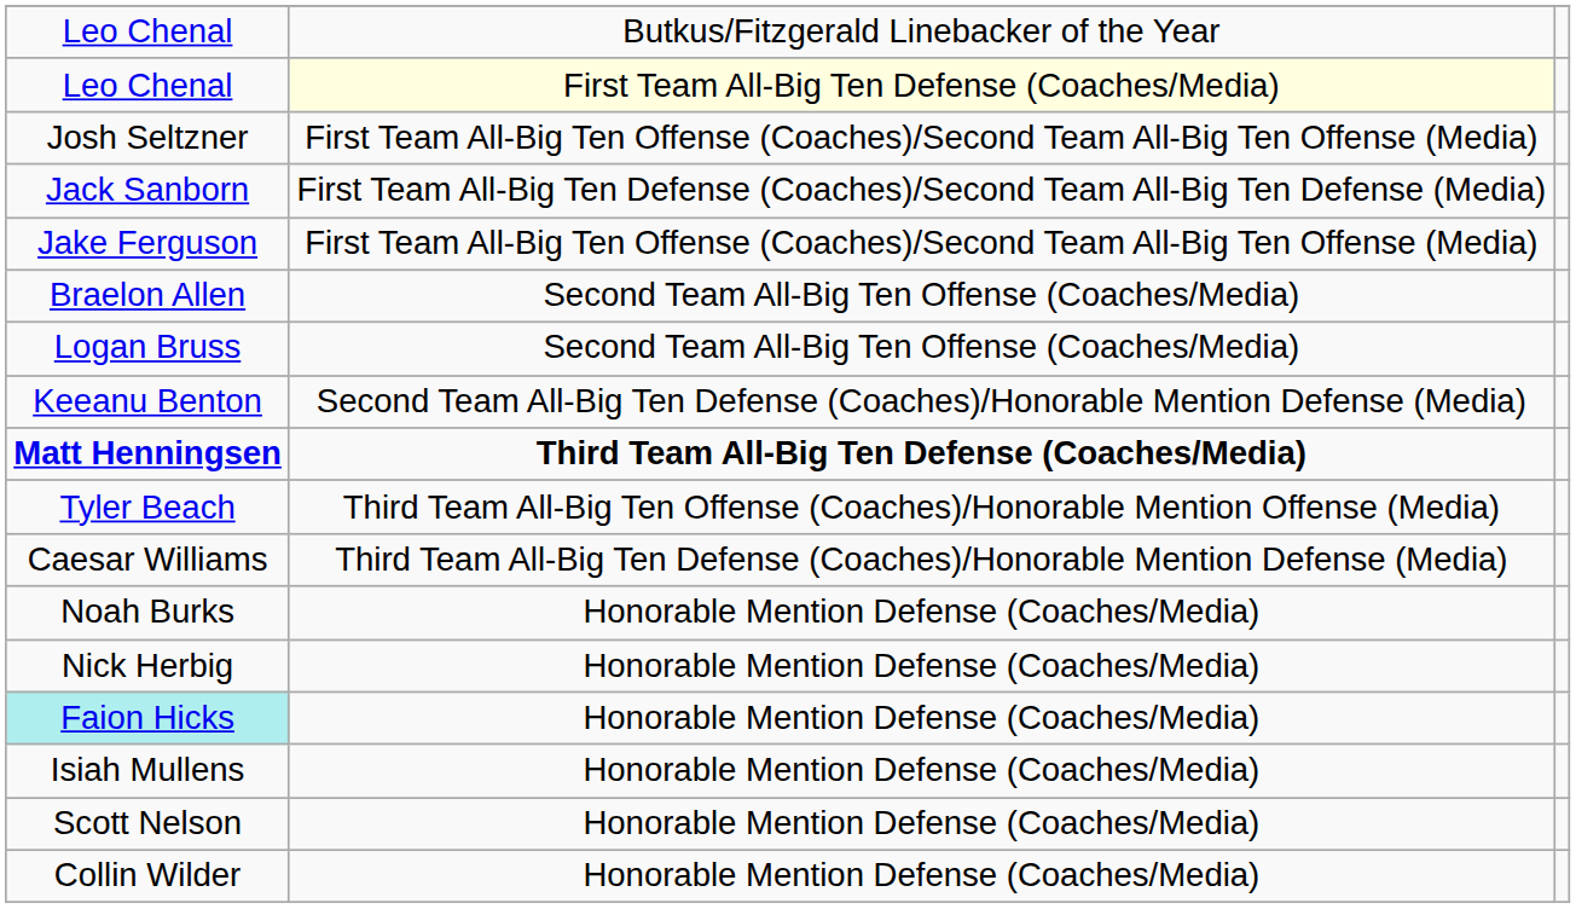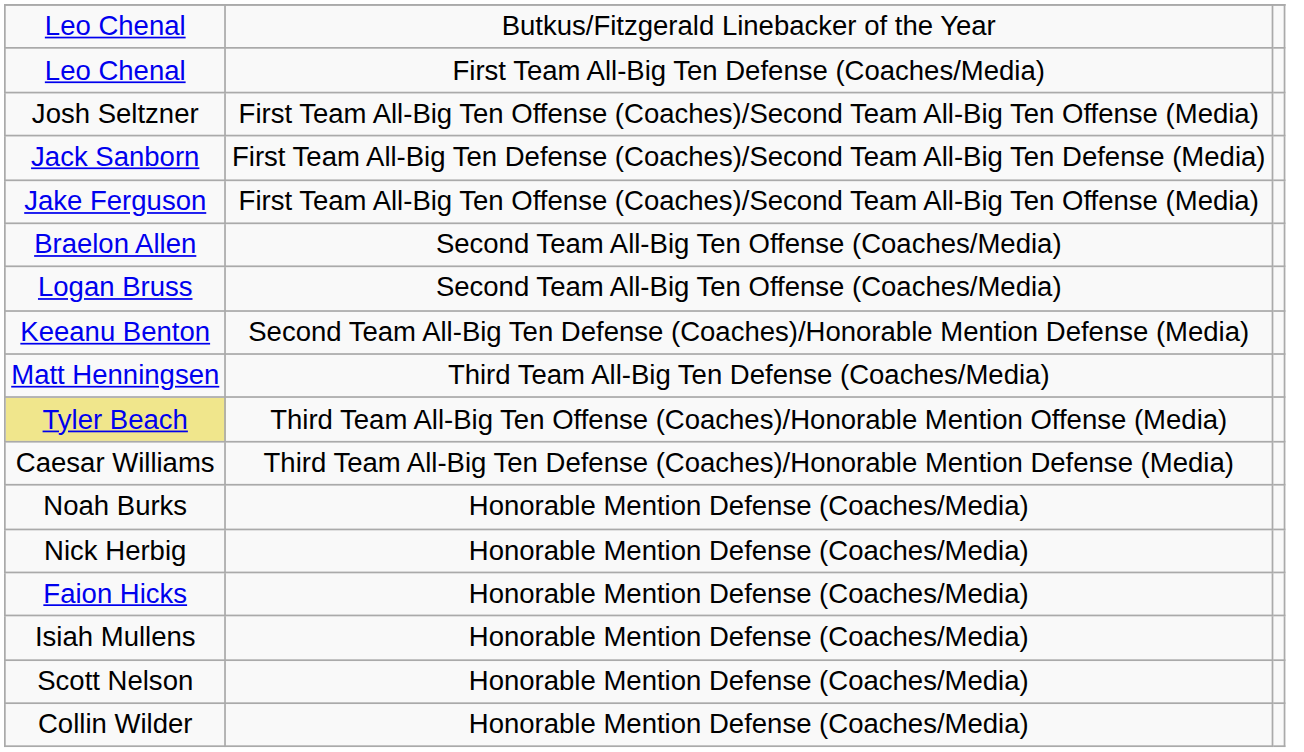 <table class="wikitable sortable sortable" style="text-align: center">
 <tr align=center>
 </tr>
 <tr>
 <td><a href='#'>Leo Chenal</a></td>
 <td>Butkus/Fitzgerald Linebacker of the Year</td>
 <td></td>
 </tr>
 <tr>
 <td><a href='#'>Leo Chenal</a></td>
-<td style="background: lightyellow;">First Team All-Big Ten Defense (Coaches/Media)</td>
+<td>First Team All-Big Ten Defense (Coaches/Media)</td>
 <td></td>
 </tr>
 <tr>
 <td>Josh Seltzner</td>
 <td>First Team All-Big Ten Offense (Coaches)/Second Team All-Big Ten Offense (Media)</td>
 <td></td>
 </tr>
 <tr>
 <td><a href='#'>Jack Sanborn</a></td>
 <td>First Team All-Big Ten Defense (Coaches)/Second Team All-Big Ten Defense (Media)</td>
 <td></td>
 </tr>
 <tr>
 <td><a href='#'>Jake Ferguson</a></td>
 <td>First Team All-Big Ten Offense (Coaches)/Second Team All-Big Ten Offense (Media)</td>
 <td></td>
 </tr>
 <tr>
 <td><a href='#'>Braelon Allen</a></td>
 <td>Second Team All-Big Ten Offense (Coaches/Media)</td>
 <td></td>
 </tr>
 <tr>
 <td><a href='#'>Logan Bruss</a></td>
 <td>Second Team All-Big Ten Offense (Coaches/Media)</td>
 <td></td>
 </tr>
 <tr>
 <td><a href='#'>Keeanu Benton</a></td>
 <td>Second Team All-Big Ten Defense (Coaches)/Honorable Mention Defense (Media)</td>
 <td></td>
 </tr>
 <tr>
-<td><strong><a href='#'>Matt Henningsen</a></strong></td>
-<td><strong>Third Team All-Big Ten Defense (Coaches/Media)</strong></td>
+<td><a href='#'>Matt Henningsen</a></td>
+<td>Third Team All-Big Ten Defense (Coaches/Media)</td>
 <td></td>
 </tr>
 <tr>
-<td><a href='#'>Tyler Beach</a></td>
+<td style="background: khaki;"><a href='#'>Tyler Beach</a></td>
 <td>Third Team All-Big Ten Offense (Coaches)/Honorable Mention Offense (Media)</td>
 <td></td>
 </tr>
 <tr>
 <td>Caesar Williams</td>
 <td>Third Team All-Big Ten Defense (Coaches)/Honorable Mention Defense (Media)</td>
 <td></td>
 </tr>
 <tr>
 <td>Noah Burks</td>
 <td>Honorable Mention Defense (Coaches/Media)</td>
 <td></td>
 </tr>
 <tr>
 <td>Nick Herbig</td>
 <td>Honorable Mention Defense (Coaches/Media)</td>
 <td></td>
 </tr>
 <tr>
-<td style="background: paleturquoise;"><a href='#'>Faion Hicks</a></td>
+<td><a href='#'>Faion Hicks</a></td>
 <td>Honorable Mention Defense (Coaches/Media)</td>
 <td></td>
 </tr>
 <tr>
 <td>Isiah Mullens</td>
 <td>Honorable Mention Defense (Coaches/Media)</td>
 <td></td>
 </tr>
 <tr>
 <td>Scott Nelson</td>
 <td>Honorable Mention Defense (Coaches/Media)</td>
 <td></td>
 </tr>
 <tr>
 <td>Collin Wilder</td>
 <td>Honorable Mention Defense (Coaches/Media)</td>
 <td></td>
 </tr>
 </table>
